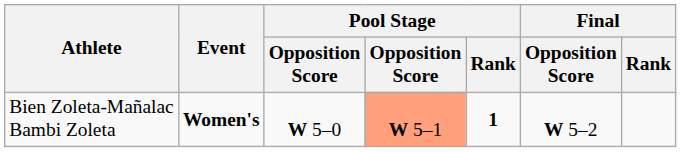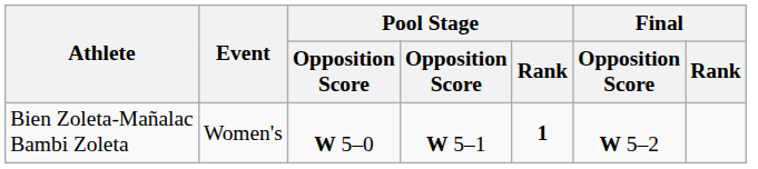 <table class="wikitable" style="font-size:90%">
 <tr>
 <th rowspan=2>Athlete</th>
 <th rowspan=2>Event</th>
 <th colspan=3>Pool Stage</th>
 <th colspan=2>Final</th>
 </tr>
 <tr style="font-size:95">
 <th>Opposition<br>Score</th>
 <th>Opposition<br>Score</th>
 <th>Rank</th>
 <th>Opposition<br>Score</th>
 <th>Rank</th>
 </tr>
 <tr align=center>
 <td align=left>Bien Zoleta-Mañalac<br>Bambi Zoleta</td>
-<td align=left><strong>Women's</strong></td>
+<td align=left>Women's</td>
 <td><br><strong>W</strong> 5–0</td>
-<td style="background: lightsalmon;"><br><strong>W</strong> 5–1</td>
+<td><br><strong>W</strong> 5–1</td>
 <td><strong>1</strong></td>
 <td><br><strong>W</strong> 5–2</td>
 <td></td>
 </tr>
 </table>
